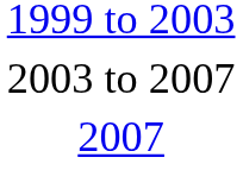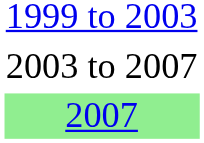 <table id=toc style="float:right">
 <tr>
 <td><a href='#'>1999 to 2003</a></td>
 </tr>
 <tr>
 <td>2003 to 2007</td>
 </tr>
 <tr>
-<td align=center><a href='#'>2007</a></td>
+<td align=center style="background: lightgreen;"><a href='#'>2007</a></td>
 </tr>
 </table>
